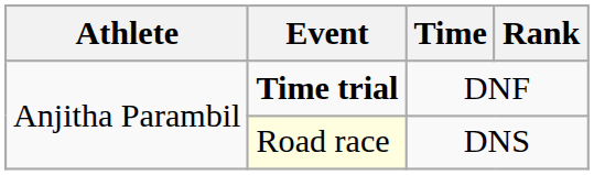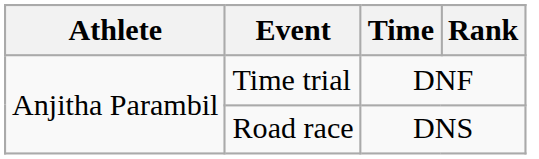 <table class=wikitable style="font-size:90%">
 <tr>
 <th>Athlete</th>
 <th>Event</th>
 <th>Time</th>
 <th>Rank</th>
 </tr>
 <tr>
 <td rowspan="2">Anjitha Parambil</td>
-<td><strong>Time trial</strong></td>
+<td>Time trial</td>
 <td align=center colspan=2>DNF</td>
 </tr>
 <tr>
-<td style="background: lightyellow;">Road race</td>
+<td>Road race</td>
 <td align=center colspan=2>DNS</td>
 </tr>
 </table>
